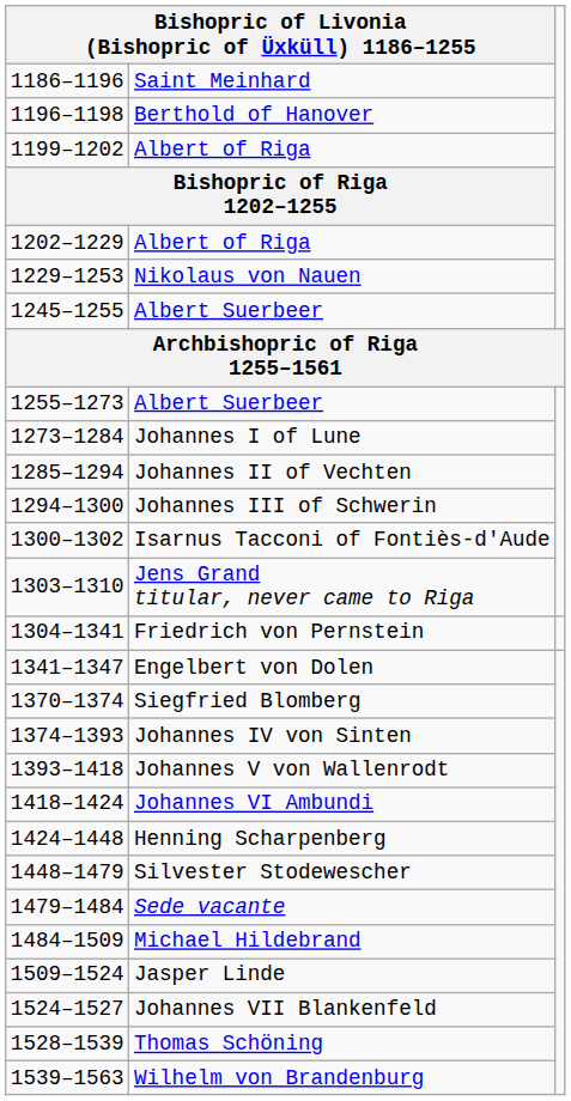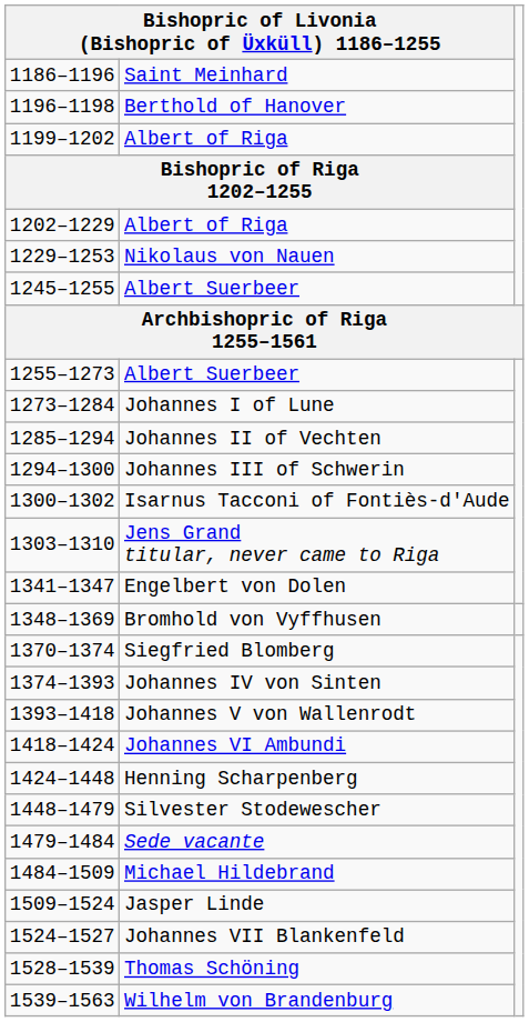 <table class="wikitable">
 <tr>
 <th colspan="2">Bishopric of Livonia<br>(Bishopric of <a href='#'>Üxküll</a>) 1186–1255</th>
 </tr>
 <tr>
 <td>1186–1196</td>
 <td><a href='#'>Saint Meinhard</a></td>
 </tr>
 <tr>
 <td>1196–1198</td>
 <td><a href='#'>Berthold of Hanover</a></td>
 </tr>
 <tr>
 <td>1199–1202</td>
 <td><a href='#'>Albert of Riga</a></td>
 </tr>
 <tr>
 <th colspan="2">Bishopric of Riga<br>1202–1255</th>
 </tr>
 <tr>
 <td>1202–1229</td>
 <td><a href='#'>Albert of Riga</a></td>
 </tr>
 <tr>
 <td>1229–1253</td>
 <td><a href='#'>Nikolaus von Nauen</a></td>
 </tr>
 <tr>
 <td>1245–1255</td>
 <td><a href='#'>Albert Suerbeer</a></td>
 </tr>
 <tr>
 <th colspan="3">Archbishopric of Riga<br>1255–1561</th>
 </tr>
 <tr>
 <td>1255–1273</td>
 <td><a href='#'>Albert Suerbeer</a></td>
 </tr>
 <tr>
 <td>1273–1284</td>
 <td>Johannes I of Lune</td>
 </tr>
 <tr>
 <td>1285–1294</td>
 <td>Johannes II of Vechten</td>
 </tr>
 <tr>
 <td>1294–1300</td>
 <td>Johannes III of Schwerin</td>
 </tr>
 <tr>
 <td>1300–1302</td>
 <td>Isarnus Tacconi of Fontiès-d'Aude</td>
 </tr>
 <tr>
 <td>1303–1310</td>
 <td><a href='#'>Jens Grand</a><br><em>titular, never came to Riga</em></td>
 </tr>
 <tr>
-<td>1304–1341</td>
-<td>Friedrich von Pernstein</td>
-<td></td>
+<td>1341–1347</td>
+<td>Engelbert von Dolen</td>
 </tr>
 <tr>
-<td>1341–1347</td>
-<td>Engelbert von Dolen</td>
+<td>1348–1369</td>
+<td>Bromhold von Vyffhusen</td>
+<td></td>
 </tr>
 <tr>
 <td>1370–1374</td>
 <td>Siegfried Blomberg</td>
 </tr>
 <tr>
 <td>1374–1393</td>
 <td>Johannes IV von Sinten</td>
 </tr>
 <tr>
 <td>1393–1418</td>
 <td>Johannes V von Wallenrodt</td>
 </tr>
 <tr>
 <td>1418–1424</td>
 <td><a href='#'>Johannes VI Ambundi</a></td>
 </tr>
 <tr>
 <td>1424–1448</td>
 <td>Henning Scharpenberg</td>
 </tr>
 <tr>
 <td>1448–1479</td>
 <td>Silvester Stodewescher</td>
 </tr>
 <tr>
 <td>1479–1484</td>
 <td><a href='#'><em>Sede vacante</em></a></td>
 </tr>
 <tr>
 <td>1484–1509</td>
 <td><a href='#'>Michael Hildebrand</a></td>
 </tr>
 <tr>
 <td>1509–1524</td>
 <td>Jasper Linde</td>
 </tr>
 <tr>
 <td>1524–1527</td>
 <td>Johannes VII Blankenfeld</td>
 </tr>
 <tr>
 <td>1528–1539</td>
 <td><a href='#'>Thomas Schöning</a></td>
 </tr>
 <tr>
 <td>1539–1563</td>
 <td><a href='#'>Wilhelm von Brandenburg</a></td>
 </tr>
 </table>
